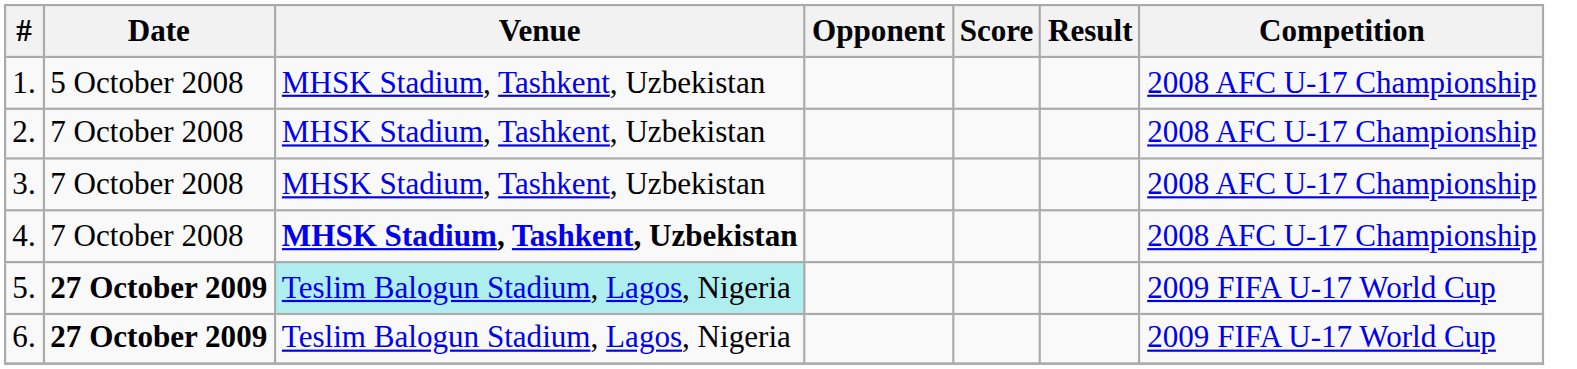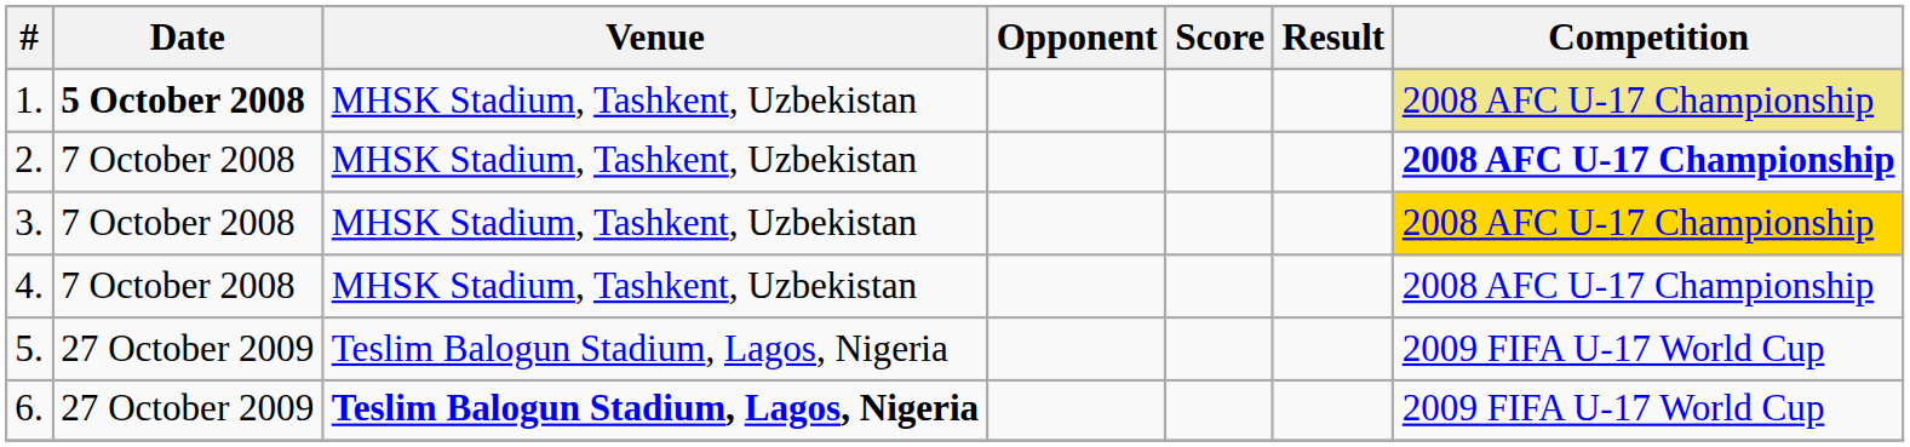 <table class="wikitable" style="font-size:90%; text-align: left">
 <tr>
 <th>#</th>
 <th>Date</th>
 <th>Venue</th>
 <th>Opponent</th>
 <th>Score</th>
 <th>Result</th>
 <th>Competition</th>
 </tr>
 <tr>
 <td>1.</td>
-<td>5 October 2008</td>
+<td><strong>5 October 2008</strong></td>
 <td><a href='#'>MHSK Stadium</a>, <a href='#'>Tashkent</a>, Uzbekistan</td>
 <td></td>
 <td></td>
 <td></td>
-<td><a href='#'>2008 AFC U-17 Championship</a></td>
+<td style="background: khaki;"><a href='#'>2008 AFC U-17 Championship</a></td>
 </tr>
 <tr>
 <td>2.</td>
 <td>7 October 2008</td>
 <td><a href='#'>MHSK Stadium</a>, <a href='#'>Tashkent</a>, Uzbekistan</td>
 <td></td>
 <td></td>
 <td></td>
-<td><a href='#'>2008 AFC U-17 Championship</a></td>
+<td><strong><a href='#'>2008 AFC U-17 Championship</a></strong></td>
 </tr>
 <tr>
 <td>3.</td>
 <td>7 October 2008</td>
 <td><a href='#'>MHSK Stadium</a>, <a href='#'>Tashkent</a>, Uzbekistan</td>
 <td></td>
 <td></td>
 <td></td>
-<td><a href='#'>2008 AFC U-17 Championship</a></td>
+<td style="background: gold;"><a href='#'>2008 AFC U-17 Championship</a></td>
 </tr>
 <tr>
 <td>4.</td>
 <td>7 October 2008</td>
-<td><strong><a href='#'>MHSK Stadium</a>, <a href='#'>Tashkent</a>, Uzbekistan</strong></td>
+<td><a href='#'>MHSK Stadium</a>, <a href='#'>Tashkent</a>, Uzbekistan</td>
 <td></td>
 <td></td>
 <td></td>
 <td><a href='#'>2008 AFC U-17 Championship</a></td>
 </tr>
 <tr>
 <td>5.</td>
-<td><strong>27 October 2009</strong></td>
-<td style="background: paleturquoise;"><a href='#'>Teslim Balogun Stadium</a>, <a href='#'>Lagos</a>, Nigeria</td>
+<td>27 October 2009</td>
+<td><a href='#'>Teslim Balogun Stadium</a>, <a href='#'>Lagos</a>, Nigeria</td>
 <td></td>
 <td></td>
 <td></td>
 <td><a href='#'>2009 FIFA U-17 World Cup</a></td>
 </tr>
 <tr>
 <td>6.</td>
-<td><strong>27 October 2009</strong></td>
-<td><a href='#'>Teslim Balogun Stadium</a>, <a href='#'>Lagos</a>, Nigeria</td>
+<td>27 October 2009</td>
+<td><strong><a href='#'>Teslim Balogun Stadium</a>, <a href='#'>Lagos</a>, Nigeria</strong></td>
 <td></td>
 <td></td>
 <td></td>
 <td><a href='#'>2009 FIFA U-17 World Cup</a></td>
 </tr>
 <tr>
 </tr>
 </table>
